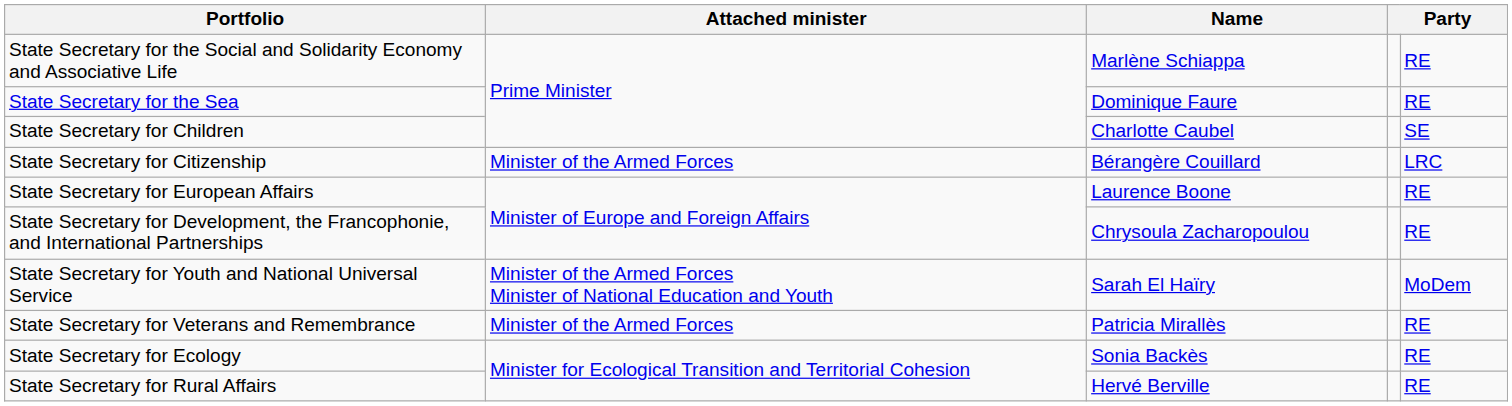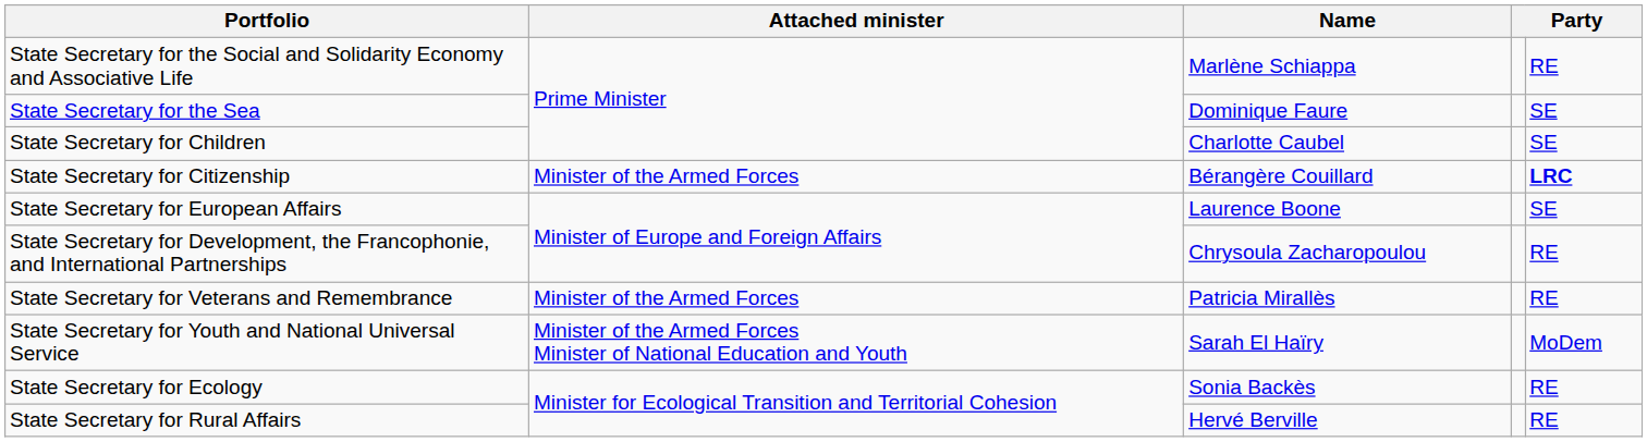 <table class="wikitable" style="width:100%">
 <tr>
 <th>Portfolio</th>
 <th style="width:40%">Attached minister</th>
 <th style="width:20%">Name</th>
 <th style="width:8%" colspan="2">Party</th>
 </tr>
 <tr>
 <td>State Secretary for the Social and Solidarity Economy and Associative Life</td>
 <td rowspan=3><a href='#'>Prime Minister</a></td>
 <td><a href='#'>Marlène Schiappa</a></td>
 <td style="background:"></td>
 <td><a href='#'>RE</a></td>
 </tr>
 <tr>
 <td><a href='#'>State Secretary for the Sea</a></td>
 <td><a href='#'>Dominique Faure</a></td>
 <td style="background:"></td>
-<td><a href='#'>RE</a></td>
+<td><a href='#'>SE</a></td>
 </tr>
 <tr>
 <td>State Secretary for Children</td>
 <td><a href='#'>Charlotte Caubel</a></td>
 <td style="background:"></td>
 <td><a href='#'>SE</a></td>
 </tr>
 <tr>
 <td>State Secretary for Citizenship</td>
 <td><a href='#'>Minister of the Armed Forces</a></td>
 <td><a href='#'>Bérangère Couillard</a></td>
 <td style="background:"></td>
-<td><a href='#'>LRC</a></td>
+<td><strong><a href='#'>LRC</a></strong></td>
 </tr>
 <tr>
 <td>State Secretary for European Affairs</td>
 <td rowspan=2><a href='#'>Minister of Europe and Foreign Affairs</a></td>
 <td><a href='#'>Laurence Boone</a></td>
 <td style="background:"></td>
-<td><a href='#'>RE</a></td>
+<td><a href='#'>SE</a></td>
 </tr>
 <tr>
 <td>State Secretary for Development, the Francophonie, and International Partnerships</td>
 <td><a href='#'>Chrysoula Zacharopoulou</a></td>
+<td style="background:"></td>
+<td><a href='#'>RE</a></td>
+</tr>
+<tr>
+<td>State Secretary for Veterans and Remembrance</td>
+<td><a href='#'>Minister of the Armed Forces</a></td>
+<td><a href='#'>Patricia Mirallès</a></td>
 <td style="background:"></td>
 <td><a href='#'>RE</a></td>
 </tr>
 <tr>
 <td>State Secretary for Youth and National Universal Service</td>
 <td><a href='#'>Minister of the Armed Forces</a><br><a href='#'>Minister of National Education and Youth</a></td>
 <td><a href='#'>Sarah El Haïry</a></td>
 <td style="background:"></td>
 <td><a href='#'>MoDem</a></td>
-</tr>
-<tr>
-<td>State Secretary for Veterans and Remembrance</td>
-<td><a href='#'>Minister of the Armed Forces</a></td>
-<td><a href='#'>Patricia Mirallès</a></td>
-<td style="background:"></td>
-<td><a href='#'>RE</a></td>
 </tr>
 <tr>
 <td>State Secretary for Ecology</td>
 <td rowspan=2><a href='#'>Minister for Ecological Transition and Territorial Cohesion</a></td>
 <td><a href='#'>Sonia Backès</a></td>
 <td style="background:"></td>
 <td><a href='#'>RE</a></td>
 </tr>
 <tr>
 <td>State Secretary for Rural Affairs</td>
 <td><a href='#'>Hervé Berville</a></td>
 <td style="background:"></td>
 <td><a href='#'>RE</a></td>
 </tr>
 </table>
